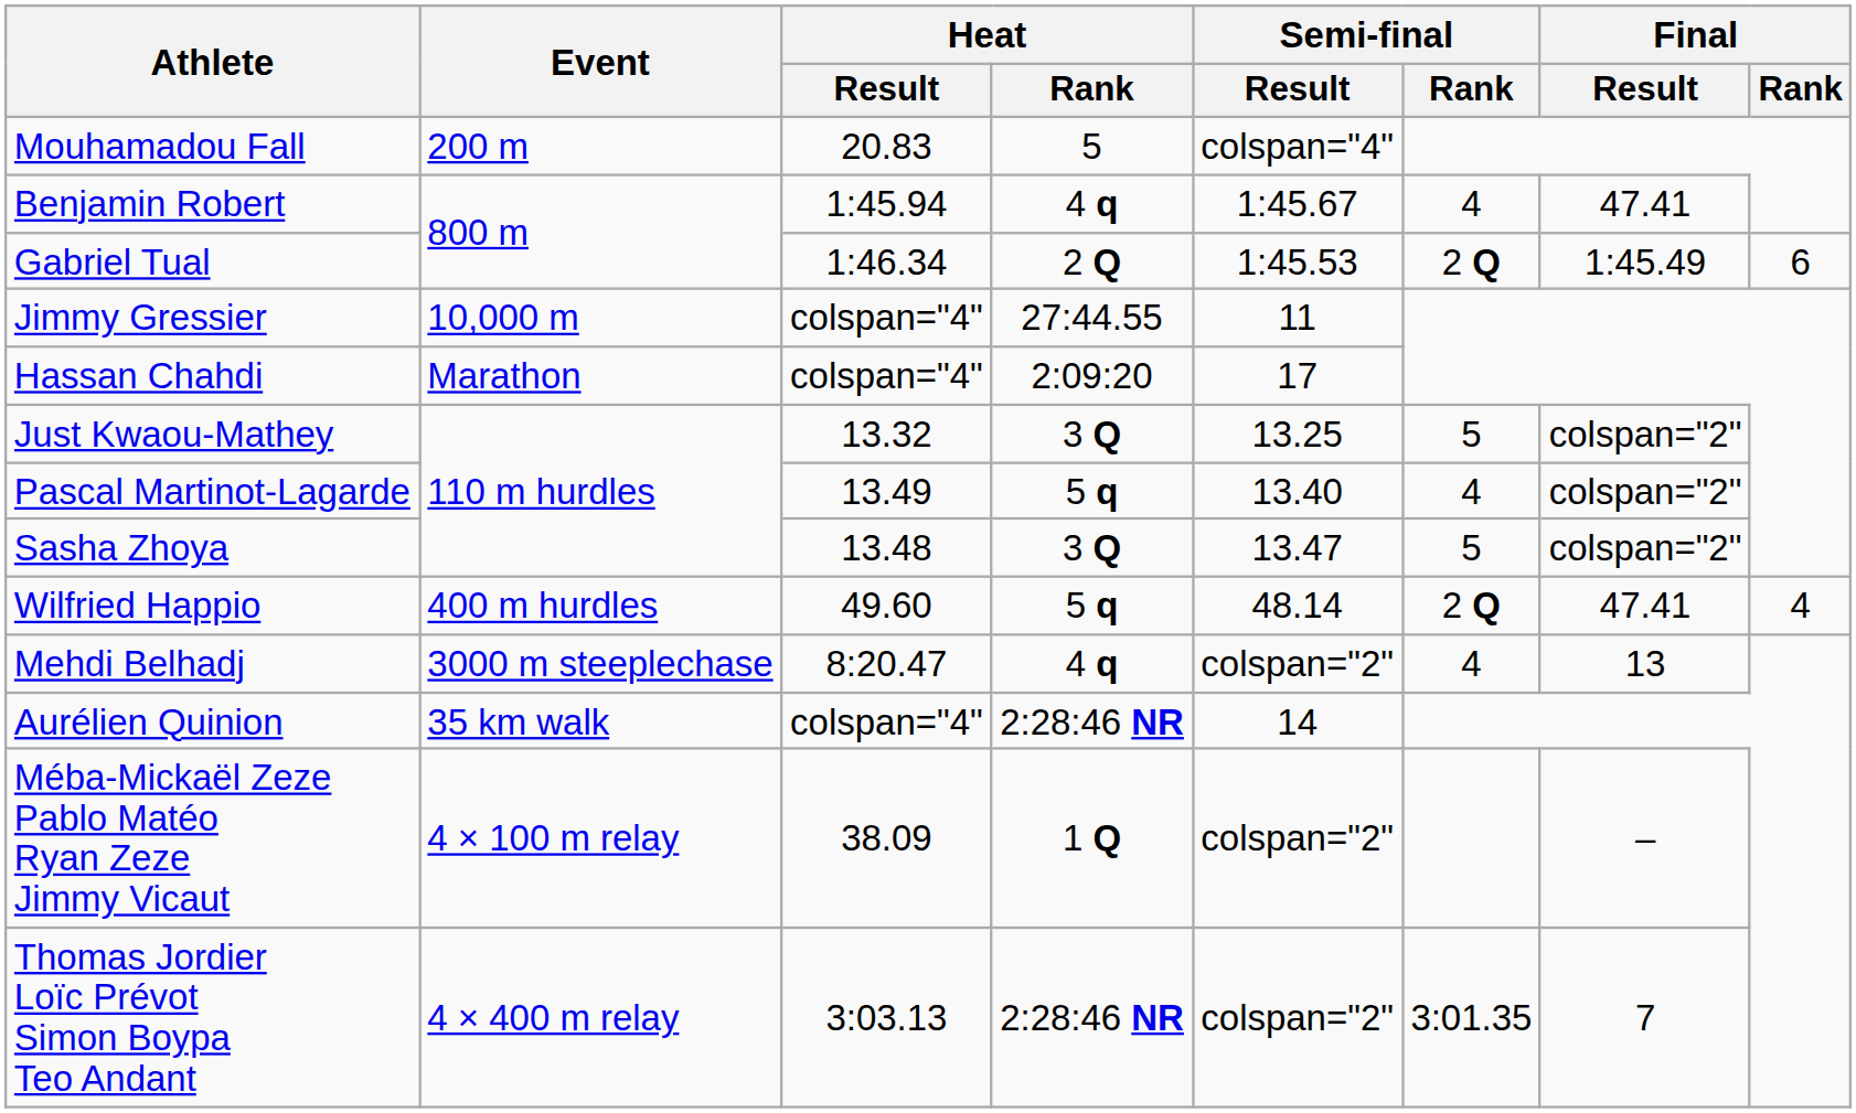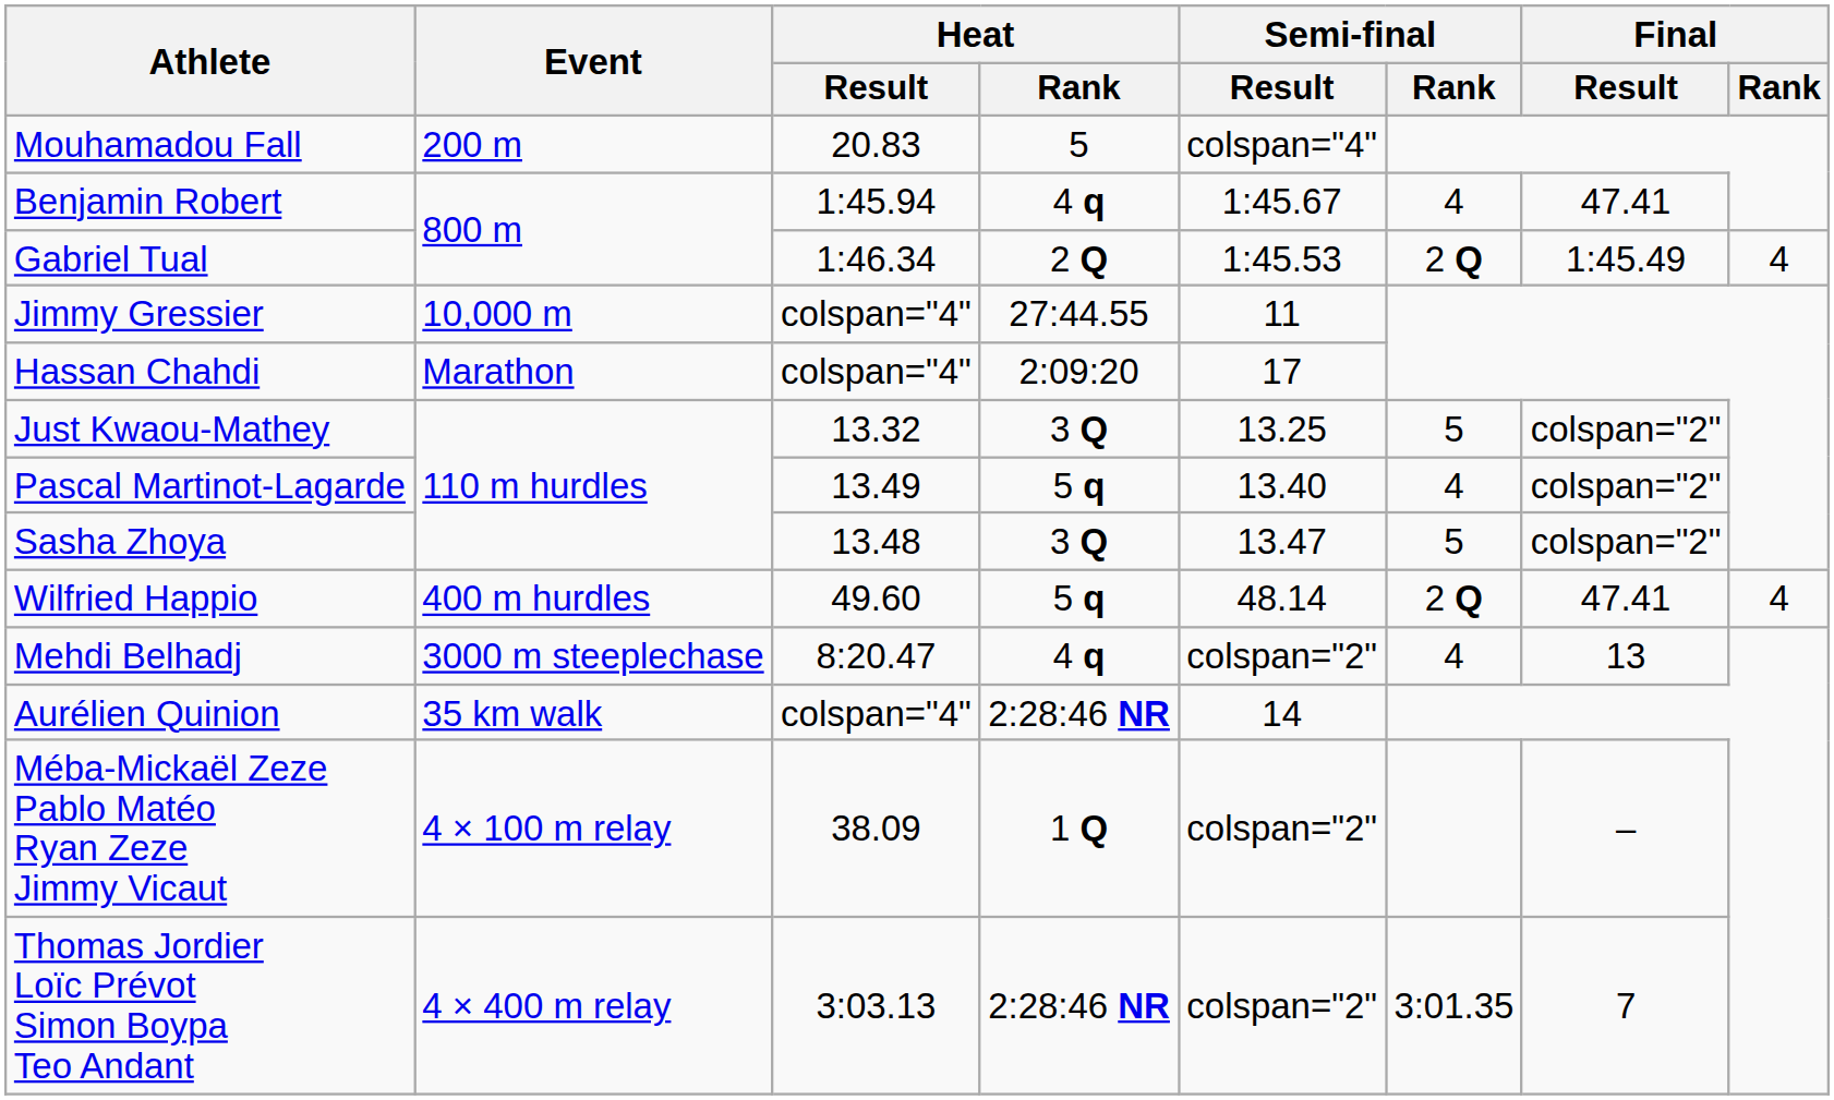 <table class="wikitable" style="font-size:90%">
 <tr>
 <th rowspan="2">Athlete</th>
 <th rowspan="2">Event</th>
 <th colspan="2">Heat</th>
 <th colspan="2">Semi-final</th>
 <th colspan="2">Final</th>
 </tr>
 <tr style="font-size:95%">
 <th>Result</th>
 <th>Rank</th>
 <th>Result</th>
 <th>Rank</th>
 <th>Result</th>
 <th>Rank</th>
 </tr>
 <tr align=center>
 <td align=left><a href='#'>Mouhamadou Fall</a></td>
 <td align=left><a href='#'>200 m</a></td>
 <td>20.83</td>
 <td>5</td>
 <td>colspan="4" </td>
 </tr>
 <tr align=center>
 <td align=left><a href='#'>Benjamin Robert</a></td>
 <td rowspan="2" align=left><a href='#'>800 m</a></td>
 <td>1:45.94</td>
 <td>4 <strong>q</strong></td>
 <td>1:45.67</td>
 <td>4</td>
 <td>47.41 </td>
 </tr>
 <tr align=center>
 <td align=left><a href='#'>Gabriel Tual</a></td>
 <td>1:46.34</td>
 <td>2 <strong>Q</strong></td>
 <td>1:45.53</td>
 <td>2 <strong>Q</strong></td>
 <td>1:45.49</td>
-<td>6</td>
+<td>4</td>
 </tr>
 <tr align=center>
 <td align=left><a href='#'>Jimmy Gressier</a></td>
 <td align=left><a href='#'>10,000 m</a></td>
 <td>colspan="4" </td>
 <td>27:44.55</td>
 <td>11</td>
 </tr>
 <tr align=center>
 <td align=left><a href='#'>Hassan Chahdi</a></td>
 <td align=left><a href='#'>Marathon</a></td>
 <td>colspan="4" </td>
 <td>2:09:20</td>
 <td>17</td>
 </tr>
 <tr align=center>
 <td align=left><a href='#'>Just Kwaou-Mathey</a></td>
 <td rowspan="3" align=left><a href='#'>110 m hurdles</a></td>
 <td>13.32</td>
 <td>3 <strong>Q</strong></td>
 <td>13.25</td>
 <td>5</td>
 <td>colspan="2" </td>
 </tr>
 <tr align=center>
 <td align=left><a href='#'>Pascal Martinot-Lagarde</a></td>
 <td>13.49</td>
 <td>5 <strong>q</strong></td>
 <td>13.40 </td>
 <td>4</td>
 <td>colspan="2" </td>
 </tr>
 <tr align=center>
 <td align=left><a href='#'>Sasha Zhoya</a></td>
 <td>13.48</td>
 <td>3 <strong>Q</strong></td>
 <td>13.47</td>
 <td>5</td>
 <td>colspan="2" </td>
 </tr>
 <tr align=center>
 <td align=left><a href='#'>Wilfried Happio</a></td>
 <td align=left><a href='#'>400 m hurdles</a></td>
 <td>49.60</td>
 <td>5 <strong>q</strong></td>
 <td>48.14 </td>
 <td>2 <strong>Q</strong></td>
 <td>47.41 </td>
 <td>4</td>
 </tr>
 <tr align=center>
 <td align=left><a href='#'>Mehdi Belhadj</a></td>
 <td align=left><a href='#'>3000 m steeplechase</a></td>
 <td>8:20.47</td>
 <td>4 <strong>q</strong></td>
 <td>colspan="2" </td>
 <td>4</td>
 <td>13</td>
 </tr>
 <tr align=center>
 <td align=left><a href='#'>Aurélien Quinion</a></td>
 <td align=left><a href='#'>35 km walk</a></td>
 <td>colspan="4" </td>
 <td>2:28:46 <strong><a href='#'>NR</a></strong></td>
 <td>14</td>
 </tr>
 <tr align=center>
 <td align=left><a href='#'>Méba-Mickaël Zeze</a><br><a href='#'>Pablo Matéo</a><br><a href='#'>Ryan Zeze</a><br><a href='#'>Jimmy Vicaut</a></td>
 <td align=left><a href='#'>4 × 100 m relay</a></td>
 <td>38.09 </td>
 <td>1 <strong>Q</strong></td>
 <td>colspan="2" </td>
 <td></td>
 <td>–</td>
 </tr>
 <tr align=center>
 <td align=left><a href='#'>Thomas Jordier</a><br><a href='#'>Loïc Prévot</a><br><a href='#'>Simon Boypa</a><br><a href='#'>Teo Andant</a></td>
 <td align=left><a href='#'>4 × 400 m relay</a></td>
 <td>3:03.13 </td>
 <td>2:28:46 <strong><a href='#'>NR</a></strong></td>
 <td>colspan="2" </td>
 <td>3:01.35</td>
 <td>7</td>
 </tr>
 </table>
